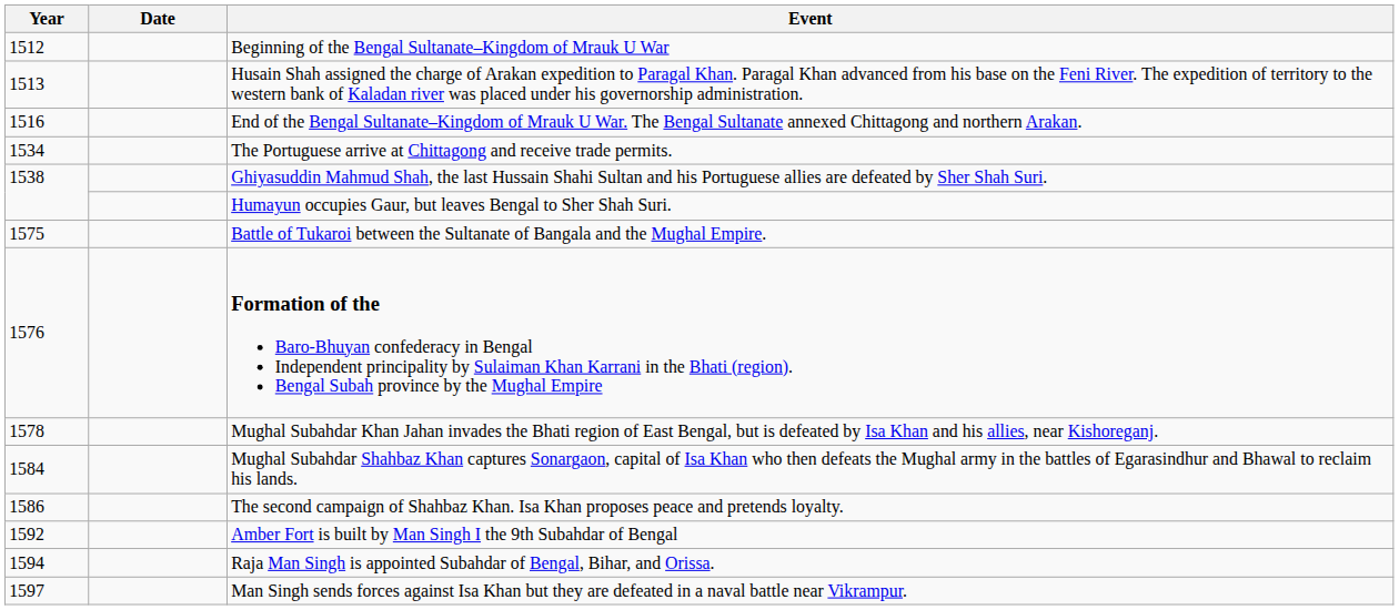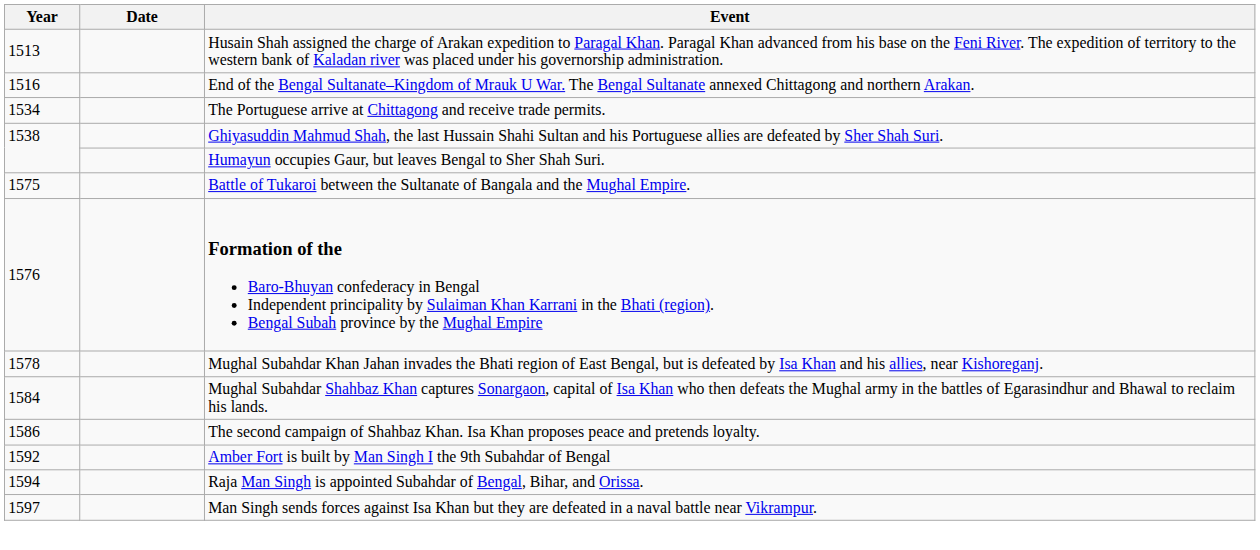 <table class="wikitable" width="100%">
 <tr>
 <th style="width:6%">Year</th>
 <th style="width:10%">Date</th>
 <th>Event</th>
-</tr>
-<tr>
-<td>1512</td>
-<td></td>
-<td>Beginning of the <a href='#'>Bengal Sultanate–Kingdom of Mrauk U War</a></td>
 </tr>
 <tr>
 <td>1513</td>
 <td></td>
 <td>Husain Shah assigned the charge of Arakan expedition to <a href='#'>Paragal Khan</a>. Paragal Khan advanced from his base on the <a href='#'>Feni River</a>. The expedition of territory to the western bank of <a href='#'>Kaladan river</a> was placed under his governorship administration.</td>
 </tr>
 <tr>
 <td>1516</td>
 <td></td>
 <td>End of the <a href='#'>Bengal Sultanate–Kingdom of Mrauk U War.</a> The <a href='#'>Bengal Sultanate</a> annexed Chittagong and northern <a href='#'>Arakan</a>.</td>
 </tr>
 <tr>
 <td>1534</td>
 <td></td>
 <td>The Portuguese arrive at <a href='#'>Chittagong</a> and receive trade permits.</td>
 </tr>
 <tr>
 <td rowspan="2" valign="top">1538</td>
 <td></td>
 <td><a href='#'>Ghiyasuddin Mahmud Shah</a>, the last Hussain Shahi Sultan and his Portuguese allies are defeated by <a href='#'>Sher Shah Suri</a>.</td>
 </tr>
 <tr>
 <td></td>
 <td><a href='#'>Humayun</a> occupies Gaur, but leaves Bengal to Sher Shah Suri.</td>
 </tr>
 <tr>
 <td>1575</td>
 <td></td>
 <td><a href='#'>Battle of Tukaroi</a> between the Sultanate of Bangala and the <a href='#'>Mughal Empire</a>.</td>
 </tr>
 <tr>
 <td>1576</td>
 <td></td>
 <td><br><h3>Formation of the</h3><ul><li><a href='#'>Baro-Bhuyan</a> confederacy in Bengal</li><li>Independent principality by <a href='#'>Sulaiman Khan Karrani</a> in the <a href='#'>Bhati (region)</a>.</li><li><a href='#'>Bengal Subah</a> province by the <a href='#'>Mughal Empire</a></li></ul></td>
 </tr>
 <tr>
 <td>1578</td>
 <td></td>
 <td>Mughal Subahdar Khan Jahan invades the Bhati region of East Bengal, but is defeated by <a href='#'>Isa Khan</a> and his <a href='#'>allies</a>, near <a href='#'>Kishoreganj</a>.</td>
 </tr>
 <tr>
 <td>1584</td>
 <td></td>
 <td>Mughal Subahdar <a href='#'>Shahbaz Khan</a> captures <a href='#'>Sonargaon</a>, capital of <a href='#'>Isa Khan</a> who then defeats the Mughal army in the battles of Egarasindhur and Bhawal to reclaim his lands.</td>
 </tr>
 <tr>
 <td>1586</td>
 <td></td>
 <td>The second campaign of Shahbaz Khan. Isa Khan proposes peace and pretends loyalty.</td>
 </tr>
 <tr>
 <td>1592</td>
 <td></td>
 <td><a href='#'>Amber Fort</a> is built by <a href='#'>Man Singh I</a> the 9th Subahdar of Bengal</td>
 </tr>
 <tr>
 <td>1594</td>
 <td></td>
 <td>Raja <a href='#'>Man Singh</a> is appointed Subahdar of <a href='#'>Bengal</a>, Bihar, and <a href='#'>Orissa</a>.</td>
 </tr>
 <tr>
 <td>1597</td>
 <td></td>
 <td>Man Singh sends forces against Isa Khan but they are defeated in a naval battle near <a href='#'>Vikrampur</a>.</td>
 </tr>
 </table>
